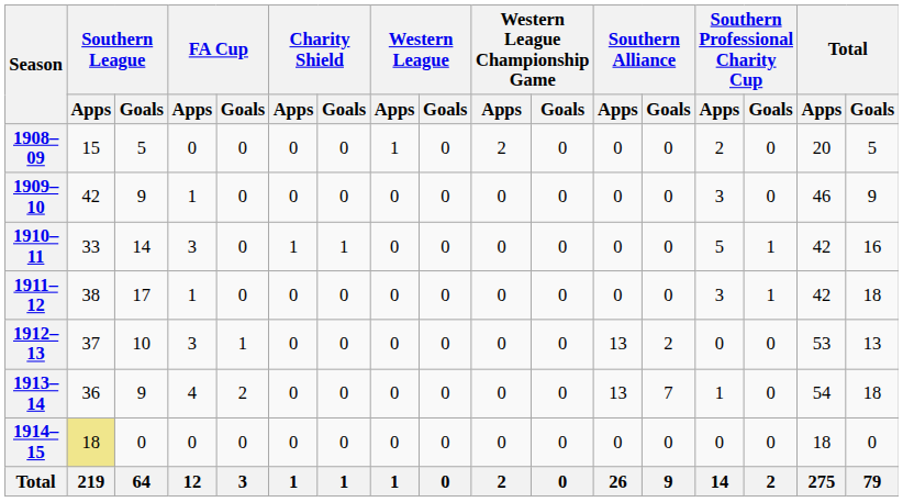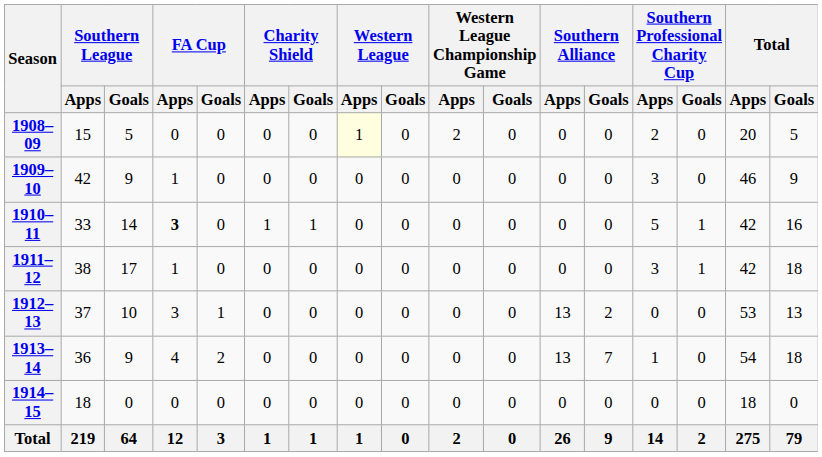 <table class="wikitable plainrowheaders" style="text-align:center;width:75%">
 <tr>
 <th rowspan=2>Season</th>
 <th colspan=2><a href='#'>Southern League</a></th>
 <th colspan=2><a href='#'>FA Cup</a></th>
 <th colspan=2><a href='#'>Charity Shield</a></th>
 <th colspan=2><a href='#'>Western League</a></th>
 <th colspan=2>Western League Championship Game</th>
 <th colspan=2><a href='#'>Southern Alliance</a></th>
 <th colspan=2><a href='#'>Southern Professional Charity Cup</a></th>
 <th colspan=2>Total</th>
 </tr>
 <tr>
 <th width=5%>Apps</th>
 <th width=4%>Goals</th>
 <th width=5%>Apps</th>
 <th width=4%>Goals</th>
 <th width=5%>Apps</th>
 <th width=4%>Goals</th>
 <th width=5%>Apps</th>
 <th width=4%>Goals</th>
 <th width=5%>Apps</th>
 <th width=4%>Goals</th>
 <th width=5%>Apps</th>
 <th width=4%>Goals</th>
 <th width=5%>Apps</th>
 <th width=4%>Goals</th>
 <th width=6%>Apps</th>
 <th width=5%>Goals</th>
 </tr>
 <tr>
 <th scope=row><a href='#'>1908–09</a></th>
 <td>15</td>
 <td>5</td>
 <td>0</td>
 <td>0</td>
 <td>0</td>
 <td>0</td>
-<td>1</td>
+<td style="background: lightyellow;">1</td>
 <td>0</td>
 <td>2</td>
 <td>0</td>
 <td>0</td>
 <td>0</td>
 <td>2</td>
 <td>0</td>
 <td>20</td>
 <td>5</td>
 </tr>
 <tr>
 <th scope=row><a href='#'>1909–10</a></th>
 <td>42</td>
 <td>9</td>
 <td>1</td>
 <td>0</td>
 <td>0</td>
 <td>0</td>
 <td>0</td>
 <td>0</td>
 <td>0</td>
 <td>0</td>
 <td>0</td>
 <td>0</td>
 <td>3</td>
 <td>0</td>
 <td>46</td>
 <td>9</td>
 </tr>
 <tr>
 <th scope=row><a href='#'>1910–11</a></th>
 <td>33</td>
 <td>14</td>
-<td>3</td>
+<td><strong>3</strong></td>
 <td>0</td>
 <td>1</td>
 <td>1</td>
 <td>0</td>
 <td>0</td>
 <td>0</td>
 <td>0</td>
 <td>0</td>
 <td>0</td>
 <td>5</td>
 <td>1</td>
 <td>42</td>
 <td>16</td>
 </tr>
 <tr>
 <th scope=row><a href='#'>1911–12</a></th>
 <td>38</td>
 <td>17</td>
 <td>1</td>
 <td>0</td>
 <td>0</td>
 <td>0</td>
 <td>0</td>
 <td>0</td>
 <td>0</td>
 <td>0</td>
 <td>0</td>
 <td>0</td>
 <td>3</td>
 <td>1</td>
 <td>42</td>
 <td>18</td>
 </tr>
 <tr>
 <th scope=row><a href='#'>1912–13</a></th>
 <td>37</td>
 <td>10</td>
 <td>3</td>
 <td>1</td>
 <td>0</td>
 <td>0</td>
 <td>0</td>
 <td>0</td>
 <td>0</td>
 <td>0</td>
 <td>13</td>
 <td>2</td>
 <td>0</td>
 <td>0</td>
 <td>53</td>
 <td>13</td>
 </tr>
 <tr>
 <th scope=row><a href='#'>1913–14</a></th>
 <td>36</td>
 <td>9</td>
 <td>4</td>
 <td>2</td>
 <td>0</td>
 <td>0</td>
 <td>0</td>
 <td>0</td>
 <td>0</td>
 <td>0</td>
 <td>13</td>
 <td>7</td>
 <td>1</td>
 <td>0</td>
 <td>54</td>
 <td>18</td>
 </tr>
 <tr>
 <th scope=row><a href='#'>1914–15</a></th>
-<td style="background: khaki;">18</td>
+<td>18</td>
 <td>0</td>
 <td>0</td>
 <td>0</td>
 <td>0</td>
 <td>0</td>
 <td>0</td>
 <td>0</td>
 <td>0</td>
 <td>0</td>
 <td>0</td>
 <td>0</td>
 <td>0</td>
 <td>0</td>
 <td>18</td>
 <td>0</td>
 </tr>
 <tr>
 <th>Total</th>
 <th>219</th>
 <th>64</th>
 <th>12</th>
 <th>3</th>
 <th>1</th>
 <th>1</th>
 <th>1</th>
 <th>0</th>
 <th>2</th>
 <th>0</th>
 <th>26</th>
 <th>9</th>
 <th>14</th>
 <th>2</th>
 <th>275</th>
 <th>79</th>
 </tr>
 </table>
